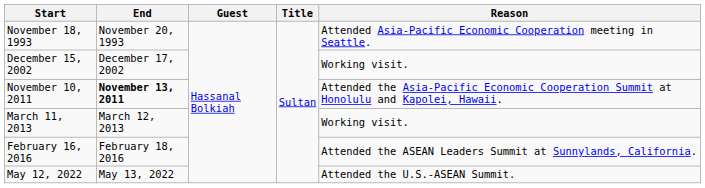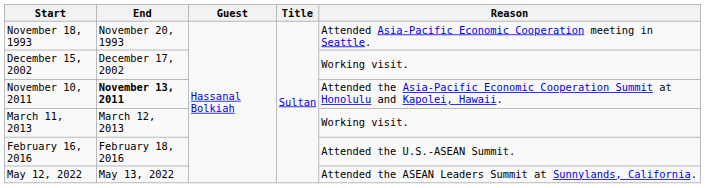 <table class="wikitable sortable">
 <tr>
 <th>Start</th>
 <th>End</th>
 <th>Guest</th>
 <th>Title</th>
 <th>Reason</th>
 </tr>
 <tr>
 <td>November 18, 1993</td>
 <td>November 20, 1993</td>
 <td rowspan=6><a href='#'>Hassanal Bolkiah</a></td>
 <td rowspan=6><a href='#'>Sultan</a></td>
 <td>Attended <a href='#'>Asia-Pacific Economic Cooperation</a> meeting in <a href='#'>Seattle</a>.</td>
 </tr>
 <tr>
 <td>December 15, 2002</td>
 <td>December 17, 2002</td>
 <td>Working visit.</td>
 </tr>
 <tr>
 <td>November 10, 2011</td>
 <td><strong>November 13, 2011</strong></td>
 <td>Attended the <a href='#'>Asia-Pacific Economic Cooperation Summit</a> at <a href='#'>Honolulu</a> and <a href='#'>Kapolei, Hawaii</a>.</td>
 </tr>
 <tr>
 <td>March 11, 2013</td>
 <td>March 12, 2013</td>
 <td>Working visit.</td>
 </tr>
 <tr>
 <td>February 16, 2016</td>
 <td>February 18, 2016</td>
-<td>Attended the ASEAN Leaders Summit at <a href='#'>Sunnylands, California</a>.</td>
+<td>Attended the U.S.-ASEAN Summit.</td>
 </tr>
 <tr>
 <td>May 12, 2022</td>
 <td>May 13, 2022</td>
-<td>Attended the U.S.-ASEAN Summit.</td>
+<td>Attended the ASEAN Leaders Summit at <a href='#'>Sunnylands, California</a>.</td>
 </tr>
 </table>
